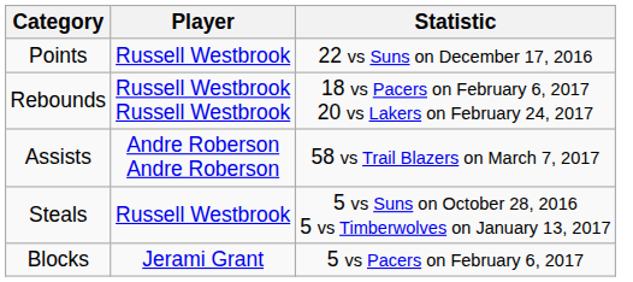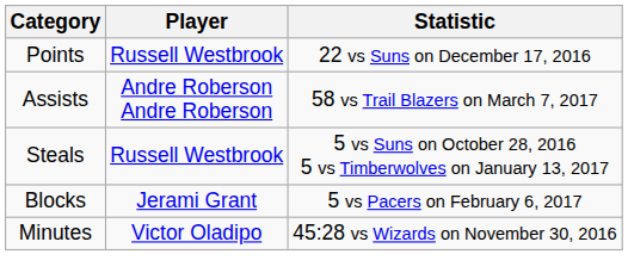 <table class="wikitable sortable sortable" style="text-align: center">
 <tr>
 <th>Category</th>
 <th>Player</th>
 <th>Statistic</th>
 </tr>
 <tr style="text-align: center">
 <td>Points</td>
 <td><a href='#'>Russell Westbrook</a></td>
 <td>22 <small>vs <a href='#'>Suns</a> on December 17, 2016</small></td>
-</tr>
-<tr style="text-align: center">
-<td>Rebounds</td>
-<td><a href='#'>Russell Westbrook</a><br><a href='#'>Russell Westbrook</a></td>
-<td>18 <small>vs <a href='#'>Pacers</a> on February 6, 2017</small><br>20 <small>vs <a href='#'>Lakers</a> on February 24, 2017</small></td>
 </tr>
 <tr style="text-align: center">
 <td>Assists</td>
 <td><a href='#'>Andre Roberson</a><br><a href='#'>Andre Roberson</a></td>
 <td>58 <small>vs <a href='#'>Trail Blazers</a> on March 7, 2017</small></td>
 </tr>
 <tr style="text-align: center">
 <td>Steals</td>
 <td><a href='#'>Russell Westbrook</a></td>
 <td>5 <small>vs <a href='#'>Suns</a> on October 28, 2016</small><br>5 <small>vs <a href='#'>Timberwolves</a> on January 13, 2017</small></td>
 </tr>
 <tr style="text-align: center">
 <td>Blocks</td>
 <td><a href='#'>Jerami Grant</a></td>
 <td>5 <small>vs <a href='#'>Pacers</a> on February 6, 2017</small></td>
 </tr>
+<tr style="text-align: center">
+<td>Minutes</td>
+<td><a href='#'>Victor Oladipo</a></td>
+<td>45:28 <small>vs <a href='#'>Wizards</a> on November 30, 2016</small></td>
+</tr>
 </table>
